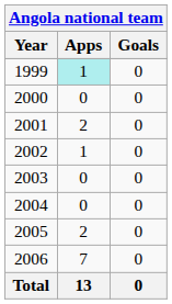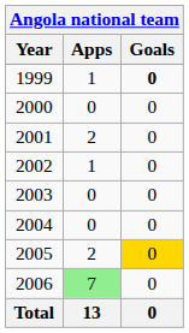 <table class="wikitable" style="text-align:center">
 <tr>
 <th colspan=3><a href='#'>Angola national team</a></th>
 </tr>
 <tr>
 <th>Year</th>
 <th>Apps</th>
 <th>Goals</th>
 </tr>
 <tr>
 </tr>
 <tr>
 <td>1999</td>
-<td style="background: paleturquoise;">1</td>
-<td>0</td>
+<td>1</td>
+<td><strong>0</strong></td>
 </tr>
 <tr>
 <td>2000</td>
 <td>0</td>
 <td>0</td>
 </tr>
 <tr>
 <td>2001</td>
 <td>2</td>
 <td>0</td>
 </tr>
 <tr>
 <td>2002</td>
 <td>1</td>
 <td>0</td>
 </tr>
 <tr>
 <td>2003</td>
 <td>0</td>
 <td>0</td>
 </tr>
 <tr>
 <td>2004</td>
 <td>0</td>
 <td>0</td>
 </tr>
 <tr>
 <td>2005</td>
 <td>2</td>
-<td>0</td>
+<td style="background: gold;">0</td>
 </tr>
 <tr>
 <td>2006</td>
-<td>7</td>
+<td style="background: lightgreen;">7</td>
 <td>0</td>
 </tr>
 <tr>
 <th>Total</th>
 <th>13</th>
 <th>0</th>
 </tr>
 </table>
